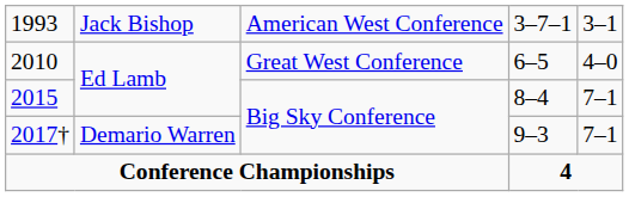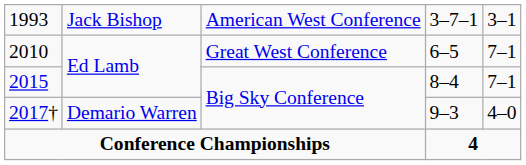 <table class="wikitable">
 <tr>
 <td>1993</td>
 <td><a href='#'>Jack Bishop</a></td>
 <td><a href='#'>American West Conference</a></td>
 <td>3–7–1</td>
 <td>3–1</td>
 </tr>
 <tr>
 <td>2010</td>
 <td rowspan="2"><a href='#'>Ed Lamb</a></td>
 <td><a href='#'>Great West Conference</a></td>
 <td>6–5</td>
-<td>4–0</td>
+<td>7–1</td>
 </tr>
 <tr>
 <td><a href='#'>2015</a></td>
 <td rowspan="2"><a href='#'>Big Sky Conference</a></td>
 <td>8–4</td>
 <td>7–1</td>
 </tr>
 <tr>
 <td><a href='#'>2017</a>†</td>
 <td><a href='#'>Demario Warren</a></td>
 <td>9–3</td>
-<td>7–1</td>
+<td>4–0</td>
 </tr>
 <tr align="center">
 <td colspan=3><strong>Conference Championships</strong></td>
 <td colspan=3><strong>4</strong></td>
 </tr>
 </table>
